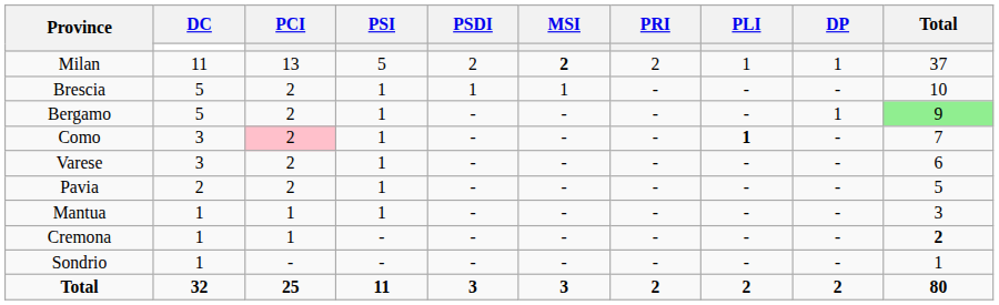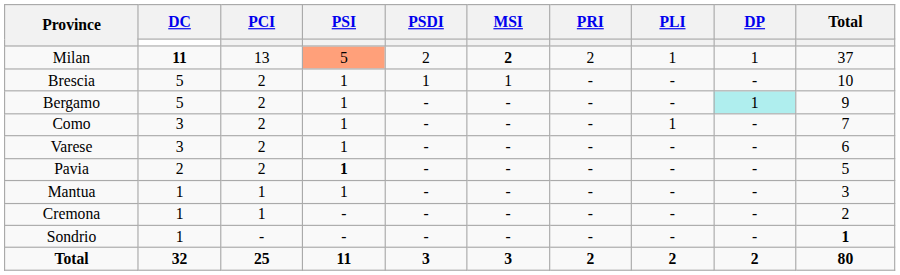 <table class="wikitable" style="text-align:center;font-size:85%;line-height:13px">
 <tr style="height:30px; background-color:#E9E9E9">
 <th style="width:110px;" rowspan="2">Province</th>
 <th style="width:65px;"><a href='#'>DC</a></th>
 <th style="width:65px;"><a href='#'>PCI</a></th>
 <th style="width:65px;"><a href='#'>PSI</a></th>
 <th style="width:65px;"><a href='#'>PSDI</a></th>
 <th style="width:65px;"><a href='#'>MSI</a></th>
 <th style="width:65px;"><a href='#'>PRI</a></th>
 <th style="width:65px;"><a href='#'>PLI</a></th>
 <th style="width:65px;"><a href='#'>DP</a></th>
 <th style="width:80px;">Total</th>
 </tr>
 <tr>
 <th style="background:white;"></th>
 <th style="background:"></th>
 <th style="background:"></th>
 <th style="background:"></th>
 <th style="background:"></th>
 <th style="background:"></th>
 <th style="background:"></th>
 <th style="background:"></th>
 <th style="background:"></th>
 </tr>
 <tr>
 <td>Milan</td>
-<td>11</td>
+<td><strong>11</strong></td>
 <td>13</td>
-<td>5</td>
+<td style="background: lightsalmon;">5</td>
 <td>2</td>
 <td><strong>2</strong></td>
 <td>2</td>
 <td>1</td>
 <td>1</td>
 <td>37</td>
 </tr>
 <tr>
 <td>Brescia</td>
 <td>5</td>
 <td>2</td>
 <td>1</td>
 <td>1</td>
 <td>1</td>
 <td>-</td>
 <td>-</td>
 <td>-</td>
 <td>10</td>
 </tr>
 <tr>
 <td>Bergamo</td>
 <td>5</td>
 <td>2</td>
 <td>1</td>
 <td>-</td>
 <td>-</td>
 <td>-</td>
 <td>-</td>
-<td>1</td>
-<td style="background: lightgreen;">9</td>
+<td style="background: paleturquoise;">1</td>
+<td>9</td>
 </tr>
 <tr>
 <td>Como</td>
 <td>3</td>
-<td style="background: pink;">2</td>
+<td>2</td>
 <td>1</td>
 <td>-</td>
 <td>-</td>
 <td>-</td>
-<td><strong>1</strong></td>
+<td>1</td>
 <td>-</td>
 <td>7</td>
 </tr>
 <tr>
 <td>Varese</td>
 <td>3</td>
 <td>2</td>
 <td>1</td>
 <td>-</td>
 <td>-</td>
 <td>-</td>
 <td>-</td>
 <td>-</td>
 <td>6</td>
 </tr>
 <tr>
 <td>Pavia</td>
 <td>2</td>
 <td>2</td>
-<td>1</td>
+<td><strong>1</strong></td>
 <td>-</td>
 <td>-</td>
 <td>-</td>
 <td>-</td>
 <td>-</td>
 <td>5</td>
 </tr>
 <tr>
 <td>Mantua</td>
 <td>1</td>
 <td>1</td>
 <td>1</td>
 <td>-</td>
 <td>-</td>
 <td>-</td>
 <td>-</td>
 <td>-</td>
 <td>3</td>
 </tr>
 <tr>
 <td>Cremona</td>
 <td>1</td>
 <td>1</td>
 <td>-</td>
 <td>-</td>
 <td>-</td>
 <td>-</td>
 <td>-</td>
 <td>-</td>
-<td><strong>2</strong></td>
+<td>2</td>
 </tr>
 <tr>
 <td>Sondrio</td>
 <td>1</td>
 <td>-</td>
 <td>-</td>
 <td>-</td>
 <td>-</td>
 <td>-</td>
 <td>-</td>
 <td>-</td>
-<td>1</td>
+<td><strong>1</strong></td>
 </tr>
 <tr>
 <td><strong>Total</strong></td>
 <td><strong>32</strong></td>
 <td><strong>25</strong></td>
 <td><strong>11</strong></td>
 <td><strong>3</strong></td>
 <td><strong>3</strong></td>
 <td><strong>2</strong></td>
 <td><strong>2</strong></td>
 <td><strong>2</strong></td>
 <td><strong>80</strong></td>
 </tr>
 </table>
